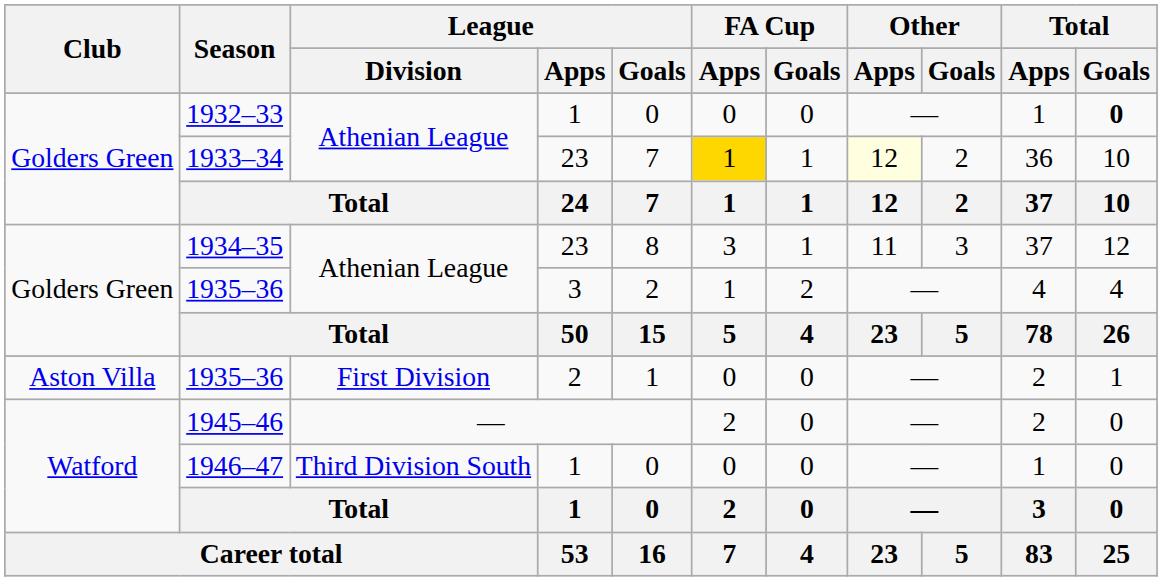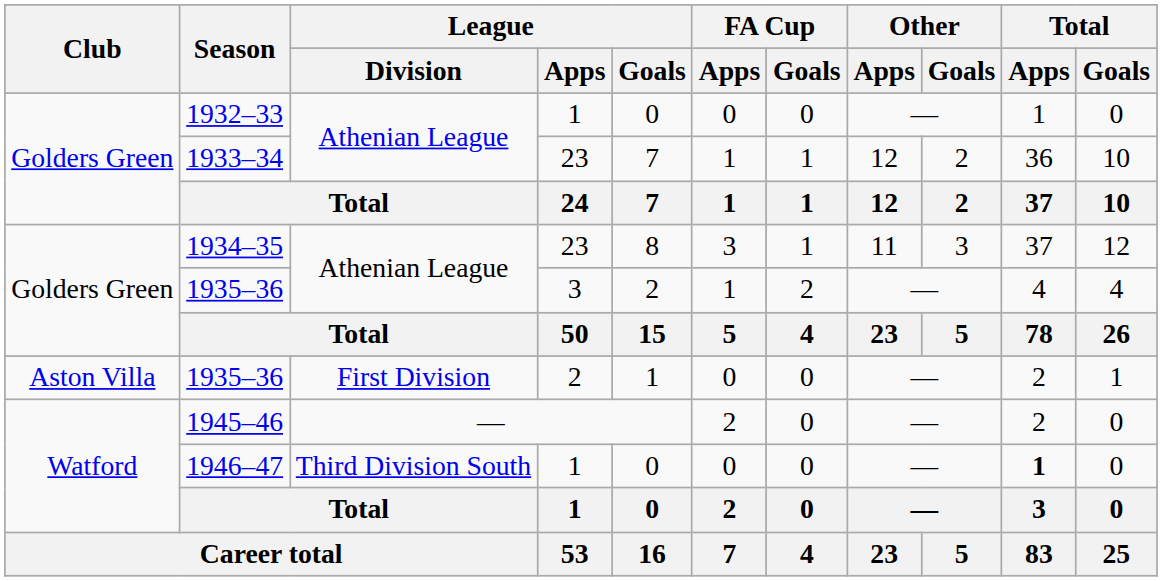 <table class="wikitable" style="text-align: center;">
 <tr>
 <th rowspan="2">Club</th>
 <th rowspan="2">Season</th>
 <th colspan="3">League</th>
 <th colspan="2">FA Cup</th>
 <th colspan="2">Other</th>
 <th colspan="2">Total</th>
 </tr>
 <tr>
 <th>Division</th>
 <th>Apps</th>
 <th>Goals</th>
 <th>Apps</th>
 <th>Goals</th>
 <th>Apps</th>
 <th>Goals</th>
 <th>Apps</th>
 <th>Goals</th>
 </tr>
 <tr>
 <td rowspan="3"><a href='#'>Golders Green</a></td>
 <td><a href='#'>1932–33</a></td>
 <td rowspan="2"><a href='#'>Athenian League</a></td>
 <td>1</td>
 <td>0</td>
 <td>0</td>
 <td>0</td>
 <td colspan="2">—</td>
 <td>1</td>
-<td><strong>0</strong></td>
+<td>0</td>
 </tr>
 <tr>
 <td><a href='#'>1933–34</a></td>
 <td>23</td>
 <td>7</td>
-<td style="background: gold;">1</td>
 <td>1</td>
-<td style="background: lightyellow;">12</td>
+<td>1</td>
+<td>12</td>
 <td>2</td>
 <td>36</td>
 <td>10</td>
 </tr>
 <tr>
 <th colspan="2">Total</th>
 <th>24</th>
 <th>7</th>
 <th>1</th>
 <th>1</th>
 <th>12</th>
 <th>2</th>
 <th>37</th>
 <th>10</th>
 </tr>
 <tr>
 <td rowspan="3">Golders Green</td>
 <td><a href='#'>1934–35</a></td>
 <td rowspan="2">Athenian League</td>
 <td>23</td>
 <td>8</td>
 <td>3</td>
 <td>1</td>
 <td>11</td>
 <td>3</td>
 <td>37</td>
 <td>12</td>
 </tr>
 <tr>
 <td><a href='#'>1935–36</a></td>
 <td>3</td>
 <td>2</td>
 <td>1</td>
 <td>2</td>
 <td colspan="2">—</td>
 <td>4</td>
 <td>4</td>
 </tr>
 <tr>
 <th colspan="2">Total</th>
 <th>50</th>
 <th>15</th>
 <th>5</th>
 <th>4</th>
 <th>23</th>
 <th>5</th>
 <th>78</th>
 <th>26</th>
 </tr>
 <tr>
 <td><a href='#'>Aston Villa</a></td>
 <td><a href='#'>1935–36</a></td>
 <td><a href='#'>First Division</a></td>
 <td>2</td>
 <td>1</td>
 <td>0</td>
 <td>0</td>
 <td colspan="2">—</td>
 <td>2</td>
 <td>1</td>
 </tr>
 <tr>
 <td rowspan="3"><a href='#'>Watford</a></td>
 <td><a href='#'>1945–46</a></td>
 <td colspan="3">—</td>
 <td>2</td>
 <td>0</td>
 <td colspan="2">—</td>
 <td>2</td>
 <td>0</td>
 </tr>
 <tr>
 <td><a href='#'>1946–47</a></td>
 <td><a href='#'>Third Division South</a></td>
 <td>1</td>
 <td>0</td>
 <td>0</td>
 <td>0</td>
 <td colspan="2">—</td>
-<td>1</td>
+<td><strong>1</strong></td>
 <td>0</td>
 </tr>
 <tr>
 <th colspan="2">Total</th>
 <th>1</th>
 <th>0</th>
 <th>2</th>
 <th>0</th>
 <th colspan="2">—</th>
 <th>3</th>
 <th>0</th>
 </tr>
 <tr>
 <th colspan="3">Career total</th>
 <th>53</th>
 <th>16</th>
 <th>7</th>
 <th>4</th>
 <th>23</th>
 <th>5</th>
 <th>83</th>
 <th>25</th>
 </tr>
 </table>
